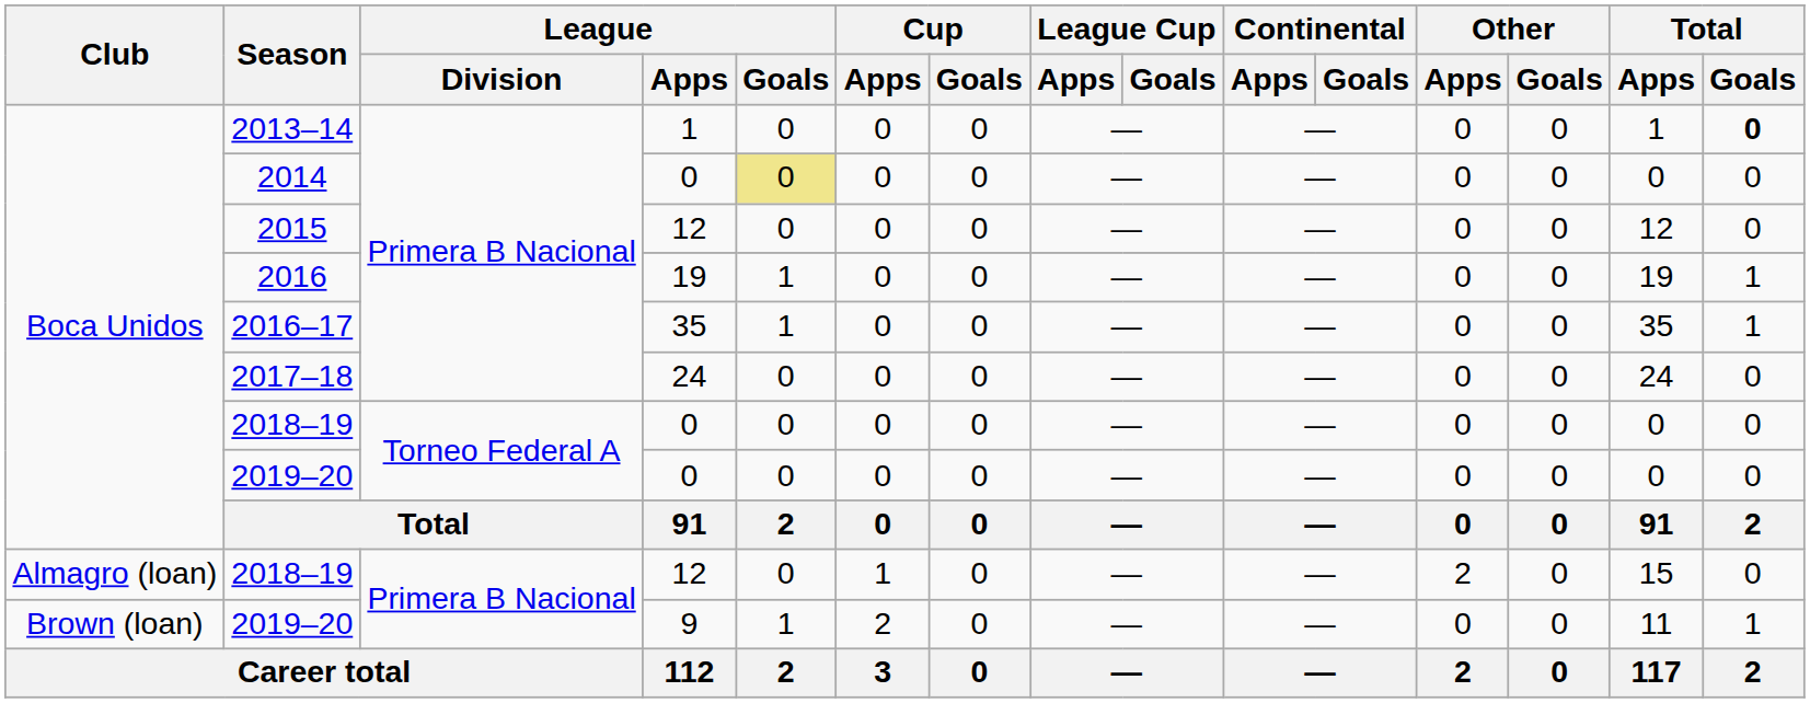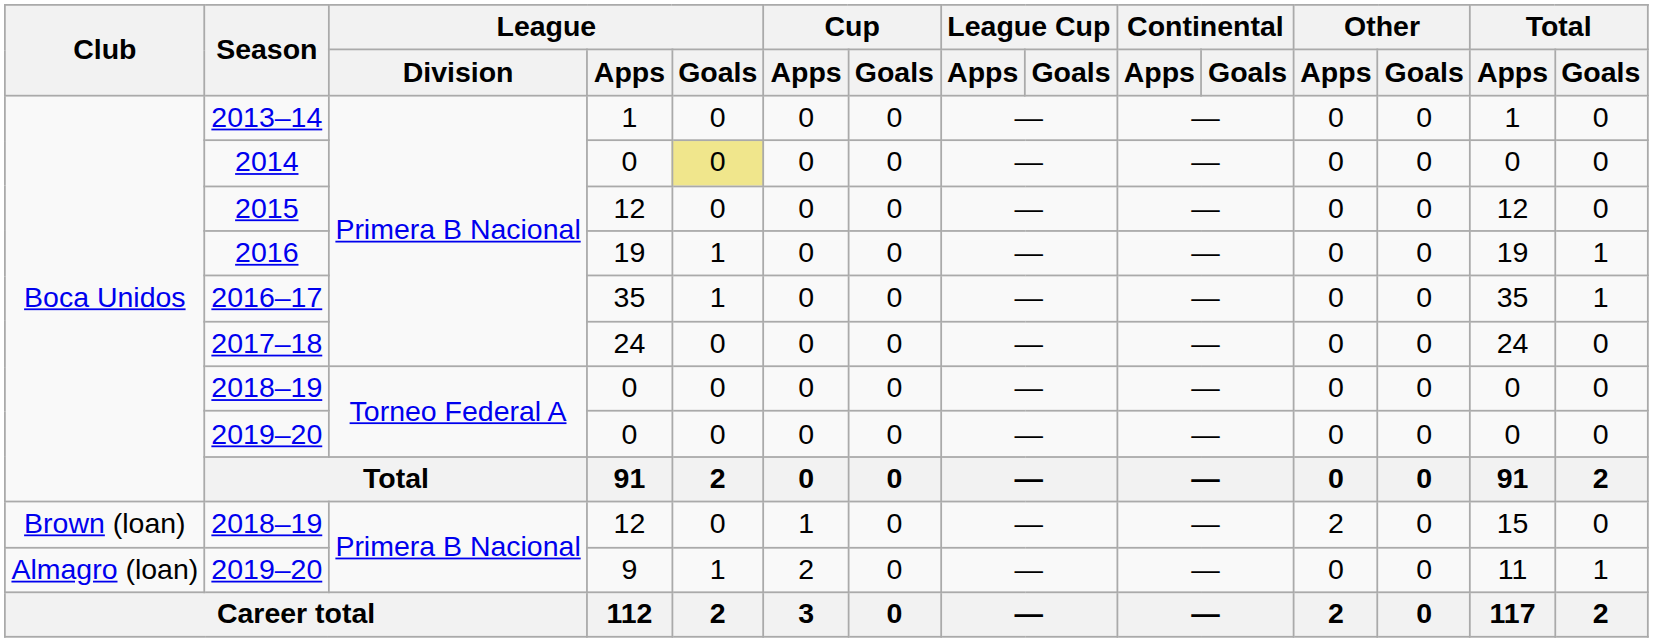 <table class="wikitable" style="text-align:center">
 <tr>
 <th rowspan="2">Club</th>
 <th rowspan="2">Season</th>
 <th colspan="3">League</th>
 <th colspan="2">Cup</th>
 <th colspan="2">League Cup</th>
 <th colspan="2">Continental</th>
 <th colspan="2">Other</th>
 <th colspan="2">Total</th>
 </tr>
 <tr>
 <th>Division</th>
 <th>Apps</th>
 <th>Goals</th>
 <th>Apps</th>
 <th>Goals</th>
 <th>Apps</th>
 <th>Goals</th>
 <th>Apps</th>
 <th>Goals</th>
 <th>Apps</th>
 <th>Goals</th>
 <th>Apps</th>
 <th>Goals</th>
 </tr>
 <tr>
 <td rowspan="9"><a href='#'>Boca Unidos</a></td>
 <td><a href='#'>2013–14</a></td>
 <td rowspan="6"><a href='#'>Primera B Nacional</a></td>
 <td>1</td>
 <td>0</td>
 <td>0</td>
 <td>0</td>
 <td colspan="2">—</td>
 <td colspan="2">—</td>
 <td>0</td>
 <td>0</td>
 <td>1</td>
-<td><strong>0</strong></td>
+<td>0</td>
 </tr>
 <tr>
 <td><a href='#'>2014</a></td>
 <td>0</td>
 <td style="background: khaki;">0</td>
 <td>0</td>
 <td>0</td>
 <td colspan="2">—</td>
 <td colspan="2">—</td>
 <td>0</td>
 <td>0</td>
 <td>0</td>
 <td>0</td>
 </tr>
 <tr>
 <td><a href='#'>2015</a></td>
 <td>12</td>
 <td>0</td>
 <td>0</td>
 <td>0</td>
 <td colspan="2">—</td>
 <td colspan="2">—</td>
 <td>0</td>
 <td>0</td>
 <td>12</td>
 <td>0</td>
 </tr>
 <tr>
 <td><a href='#'>2016</a></td>
 <td>19</td>
 <td>1</td>
 <td>0</td>
 <td>0</td>
 <td colspan="2">—</td>
 <td colspan="2">—</td>
 <td>0</td>
 <td>0</td>
 <td>19</td>
 <td>1</td>
 </tr>
 <tr>
 <td><a href='#'>2016–17</a></td>
 <td>35</td>
 <td>1</td>
 <td>0</td>
 <td>0</td>
 <td colspan="2">—</td>
 <td colspan="2">—</td>
 <td>0</td>
 <td>0</td>
 <td>35</td>
 <td>1</td>
 </tr>
 <tr>
 <td><a href='#'>2017–18</a></td>
 <td>24</td>
 <td>0</td>
 <td>0</td>
 <td>0</td>
 <td colspan="2">—</td>
 <td colspan="2">—</td>
 <td>0</td>
 <td>0</td>
 <td>24</td>
 <td>0</td>
 </tr>
 <tr>
 <td><a href='#'>2018–19</a></td>
 <td rowspan="2"><a href='#'>Torneo Federal A</a></td>
 <td>0</td>
 <td>0</td>
 <td>0</td>
 <td>0</td>
 <td colspan="2">—</td>
 <td colspan="2">—</td>
 <td>0</td>
 <td>0</td>
 <td>0</td>
 <td>0</td>
 </tr>
 <tr>
 <td><a href='#'>2019–20</a></td>
 <td>0</td>
 <td>0</td>
 <td>0</td>
 <td>0</td>
 <td colspan="2">—</td>
 <td colspan="2">—</td>
 <td>0</td>
 <td>0</td>
 <td>0</td>
 <td>0</td>
 </tr>
 <tr>
 <th colspan="2">Total</th>
 <th>91</th>
 <th>2</th>
 <th>0</th>
 <th>0</th>
 <th colspan="2">—</th>
 <th colspan="2">—</th>
 <th>0</th>
 <th>0</th>
 <th>91</th>
 <th>2</th>
 </tr>
 <tr>
-<td rowspan="1"><a href='#'>Almagro</a> (loan)</td>
+<td rowspan="1"><a href='#'>Brown</a> (loan)</td>
 <td><a href='#'>2018–19</a></td>
 <td rowspan="2"><a href='#'>Primera B Nacional</a></td>
 <td>12</td>
 <td>0</td>
 <td>1</td>
 <td>0</td>
 <td colspan="2">—</td>
 <td colspan="2">—</td>
 <td>2</td>
 <td>0</td>
 <td>15</td>
 <td>0</td>
 </tr>
 <tr>
-<td rowspan="1"><a href='#'>Brown</a> (loan)</td>
+<td rowspan="1"><a href='#'>Almagro</a> (loan)</td>
 <td><a href='#'>2019–20</a></td>
 <td>9</td>
 <td>1</td>
 <td>2</td>
 <td>0</td>
 <td colspan="2">—</td>
 <td colspan="2">—</td>
 <td>0</td>
 <td>0</td>
 <td>11</td>
 <td>1</td>
 </tr>
 <tr>
 <th colspan="3">Career total</th>
 <th>112</th>
 <th>2</th>
 <th>3</th>
 <th>0</th>
 <th colspan="2">—</th>
 <th colspan="2">—</th>
 <th>2</th>
 <th>0</th>
 <th>117</th>
 <th>2</th>
 </tr>
 </table>
